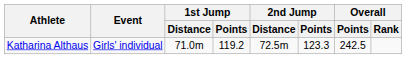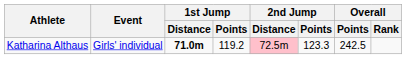 <table class="wikitable">
 <tr>
 <th rowspan="2">Athlete</th>
 <th rowspan="2">Event</th>
 <th colspan="2">1st Jump</th>
 <th colspan="2">2nd Jump</th>
 <th colspan="2">Overall</th>
 </tr>
 <tr>
 <th>Distance</th>
 <th>Points</th>
 <th>Distance</th>
 <th>Points</th>
 <th>Points</th>
 <th>Rank</th>
 </tr>
 <tr>
 <td><a href='#'>Katharina Althaus</a></td>
 <td><a href='#'>Girls' individual</a></td>
-<td align="center">71.0m</td>
+<td align="center"><strong>71.0m</strong></td>
 <td align="center">119.2</td>
-<td align="center">72.5m</td>
+<td align="center" style="background: pink;">72.5m</td>
 <td align="center">123.3</td>
 <td align="center">242.5</td>
 <td align="center"></td>
 </tr>
 </table>
